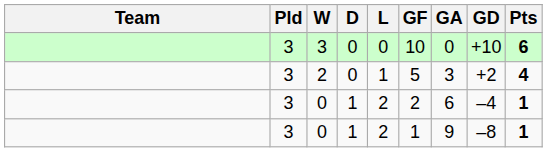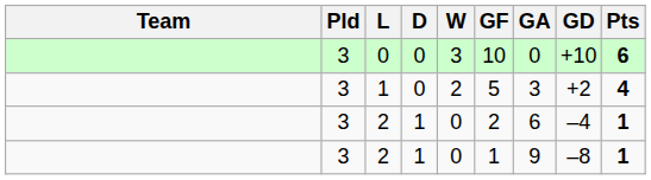 <table class="wikitable" style="text-align:center;">
 <tr>
 <th width=230>Team</th>
 <th width=20>Pld</th>
+<th width=20>L</th>
+<th width=20>D</th>
 <th width=20>W</th>
-<th width=20>D</th>
-<th width=20>L</th>
 <th width=20>GF</th>
 <th width=20>GA</th>
 <th Width=20>GD</th>
 <th width=20>Pts</th>
 </tr>
 <tr align=center style="background:#ccffcc;">
 <td style="text-align:left;"></td>
 <td>3</td>
-<td>3</td>
 <td>0</td>
 <td>0</td>
+<td>3</td>
 <td>10</td>
 <td>0</td>
 <td>+10</td>
 <td><strong>6</strong></td>
 </tr>
 <tr align=center>
 <td style="text-align:left;"></td>
 <td>3</td>
+<td>1</td>
+<td>0</td>
 <td>2</td>
-<td>0</td>
-<td>1</td>
 <td>5</td>
 <td>3</td>
 <td>+2</td>
 <td><strong>4</strong></td>
 </tr>
 <tr align=center>
 <td style="text-align:left;"></td>
 <td>3</td>
+<td>2</td>
+<td>1</td>
 <td>0</td>
-<td>1</td>
-<td>2</td>
 <td>2</td>
 <td>6</td>
 <td>–4</td>
 <td><strong>1</strong></td>
 </tr>
 <tr align=center>
 <td style="text-align:left;"></td>
 <td>3</td>
+<td>2</td>
+<td>1</td>
 <td>0</td>
-<td>1</td>
-<td>2</td>
 <td>1</td>
 <td>9</td>
 <td>–8</td>
 <td><strong>1</strong></td>
 </tr>
 </table>
